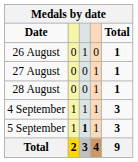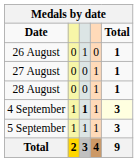 <table class="wikitable" style="font-size:85%">
 <tr bgcolor="#efefef">
 <th colspan=6>Medals by date</th>
 </tr>
 <tr align=center>
 <td><strong>Date</strong></td>
 <td bgcolor=#f7f6a8></td>
 <td bgcolor=#dce5e5></td>
 <td bgcolor=#ffdab9></td>
 <td><strong>Total</strong></td>
 </tr>
 <tr align=center>
 <td>26 August</td>
 <td style="background:#F7F6A8;">0</td>
 <td style="background:#DCE5E5;">1</td>
 <td style="background:#FFDAB9;">0</td>
 <td><strong>1</strong></td>
 </tr>
 <tr align=center>
 <td>27 August</td>
 <td style="background:#F7F6A8;">0</td>
 <td style="background:#DCE5E5;">0</td>
 <td style="background:#FFDAB9;">1</td>
 <td><strong>1</strong></td>
 </tr>
 <tr align=center>
 <td>28 August</td>
 <td style="background:#F7F6A8;">0</td>
 <td style="background:#DCE5E5;">0</td>
 <td style="background:#FFDAB9;">1</td>
 <td><strong>1</strong></td>
 </tr>
 <tr align=center>
 <td>4 September</td>
 <td style="background:#F7F6A8;">1</td>
-<td style="background:#DCE5E5;">1</td>
+<td style="background:#DCE5E5;"><strong>1</strong></td>
 <td style="background:#FFDAB9;">1</td>
-<td><strong>3</strong></td>
+<td style="background: lightyellow;"><strong>3</strong></td>
 </tr>
 <tr align=center>
 <td>5 September</td>
 <td style="background:#F7F6A8;">1</td>
-<td style="background:#DCE5E5;"><strong>1</strong></td>
+<td style="background:#DCE5E5;">1</td>
 <td style="background:#FFDAB9;">1</td>
 <td><strong>3</strong></td>
 </tr>
 <tr align=center>
 <th><strong>Total</strong></th>
 <th style="background:gold;"><strong>2</strong></th>
 <th style="background:silver;"><strong>3</strong></th>
 <th style="background:#c96;"><strong>4</strong></th>
 <th>9</th>
 </tr>
 </table>
